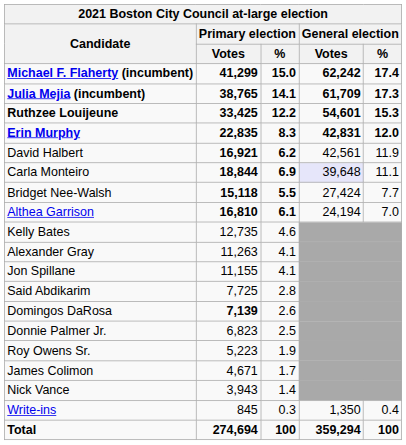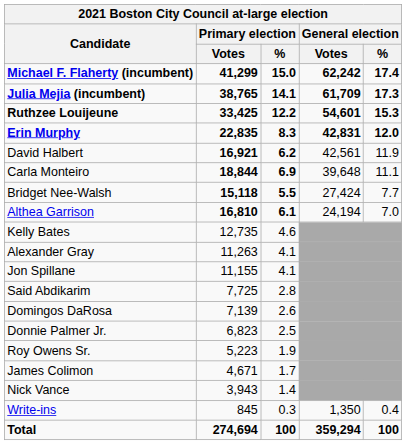 <table class="wikitable">
 <tr>
 <th colspan="5">2021 Boston City Council at-large election</th>
 </tr>
 <tr>
 <th colspan="1" rowspan="2">Candidate</th>
 <th colspan="2"><strong>Primary election</strong></th>
 <th colspan="2"><strong>General election</strong></th>
 </tr>
 <tr>
 <th>Votes</th>
 <th>%</th>
 <th>Votes</th>
 <th>%</th>
 </tr>
 <tr>
 <td><strong><a href='#'>Michael F. Flaherty</a> (incumbent)</strong></td>
 <td align="right"><strong>41,299</strong></td>
 <td align="right"><strong>15.0</strong></td>
 <td align="right"><strong>62,242</strong></td>
 <td align="right"><strong>17.4</strong></td>
 </tr>
 <tr>
 <td><strong><a href='#'>Julia Mejia</a> (incumbent)</strong></td>
 <td align="right"><strong>38,765</strong></td>
 <td align="right"><strong>14.1</strong></td>
 <td align="right"><strong>61,709</strong></td>
 <td align="right"><strong>17.3</strong></td>
 </tr>
 <tr>
 <td><strong>Ruthzee Louijeune</strong></td>
 <td align="right"><strong>33,425</strong></td>
 <td align="right"><strong>12.2</strong></td>
 <td align="right"><strong>54,601</strong></td>
 <td align="right"><strong>15.3</strong></td>
 </tr>
 <tr>
 <td><strong><a href='#'>Erin Murphy</a></strong></td>
 <td align="right"><strong>22,835</strong></td>
 <td align="right"><strong>8.3</strong></td>
 <td align="right"><strong>42,831</strong></td>
 <td align="right"><strong>12.0</strong></td>
 </tr>
 <tr>
 <td>David Halbert</td>
 <td align="right"><strong>16,921</strong></td>
 <td align="right"><strong>6.2</strong></td>
 <td align="right">42,561</td>
 <td align="right">11.9</td>
 </tr>
 <tr>
 <td>Carla Monteiro</td>
 <td align="right"><strong>18,844</strong></td>
 <td align="right"><strong>6.9</strong></td>
-<td align="right" style="background: lavender;">39,648</td>
+<td align="right">39,648</td>
 <td align="right">11.1</td>
 </tr>
 <tr>
 <td>Bridget Nee-Walsh</td>
 <td align="right"><strong>15,118</strong></td>
 <td align="right"><strong>5.5</strong></td>
 <td align="right">27,424</td>
 <td align="right">7.7</td>
 </tr>
 <tr>
 <td><a href='#'>Althea Garrison</a></td>
 <td align="right"><strong>16,810</strong></td>
 <td align="right"><strong>6.1</strong></td>
 <td align="right">24,194</td>
 <td align="right">7.0</td>
 </tr>
 <tr>
 <td>Kelly Bates</td>
 <td align="right">12,735</td>
 <td align="right">4.6</td>
 <td colspan="2" bgcolor="darkgray"> </td>
 </tr>
 <tr>
 <td>Alexander Gray</td>
 <td align="right">11,263</td>
 <td align="right">4.1</td>
 <td colspan="2" bgcolor="darkgray"> </td>
 </tr>
 <tr>
 <td>Jon Spillane</td>
 <td align="right">11,155</td>
 <td align="right">4.1</td>
 <td colspan="2" bgcolor="darkgray"> </td>
 </tr>
 <tr>
 <td>Said Abdikarim</td>
 <td align="right">7,725</td>
 <td align="right">2.8</td>
 <td colspan="2" bgcolor="darkgray"> </td>
 </tr>
 <tr>
 <td>Domingos DaRosa</td>
-<td align="right"><strong>7,139</strong></td>
+<td align="right">7,139</td>
 <td align="right">2.6</td>
 <td colspan="2" bgcolor="darkgray"> </td>
 </tr>
 <tr>
 <td>Donnie Palmer Jr.</td>
 <td align="right">6,823</td>
 <td align="right">2.5</td>
 <td colspan="2" bgcolor="darkgray"> </td>
 </tr>
 <tr>
 <td>Roy Owens Sr.</td>
 <td align="right">5,223</td>
 <td align="right">1.9</td>
 <td colspan="2" bgcolor="darkgray"> </td>
 </tr>
 <tr>
 <td>James Colimon</td>
 <td align="right">4,671</td>
 <td align="right">1.7</td>
 <td colspan="2" bgcolor="darkgray"> </td>
 </tr>
 <tr>
 <td>Nick Vance</td>
 <td align="right">3,943</td>
 <td align="right">1.4</td>
 <td colspan="2" bgcolor="darkgray"> </td>
 </tr>
 <tr>
 <td><a href='#'>Write-ins</a></td>
 <td align="right">845</td>
 <td align="right">0.3</td>
 <td align="right">1,350</td>
 <td align="right">0.4</td>
 </tr>
 <tr>
 <td><strong>Total</strong></td>
 <td align="right"><strong>274,694</strong></td>
 <td align="right"><strong>100</strong></td>
 <td align="right"><strong>359,294</strong></td>
 <td align="right"><strong>100</strong></td>
 </tr>
 </table>
